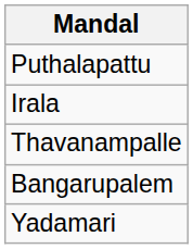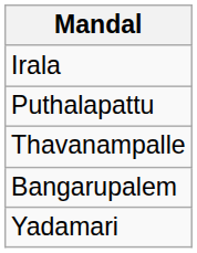 <table class="wikitable sortable static-row-numbers static-row-header-hash">
 <tr>
 <th>Mandal</th>
 </tr>
 <tr>
-<td>Puthalapattu</td>
+<td>Irala</td>
 </tr>
 <tr>
-<td>Irala</td>
+<td>Puthalapattu</td>
 </tr>
 <tr>
 <td>Thavanampalle</td>
 </tr>
 <tr>
 <td>Bangarupalem</td>
 </tr>
 <tr>
 <td>Yadamari</td>
 </tr>
 </table>
